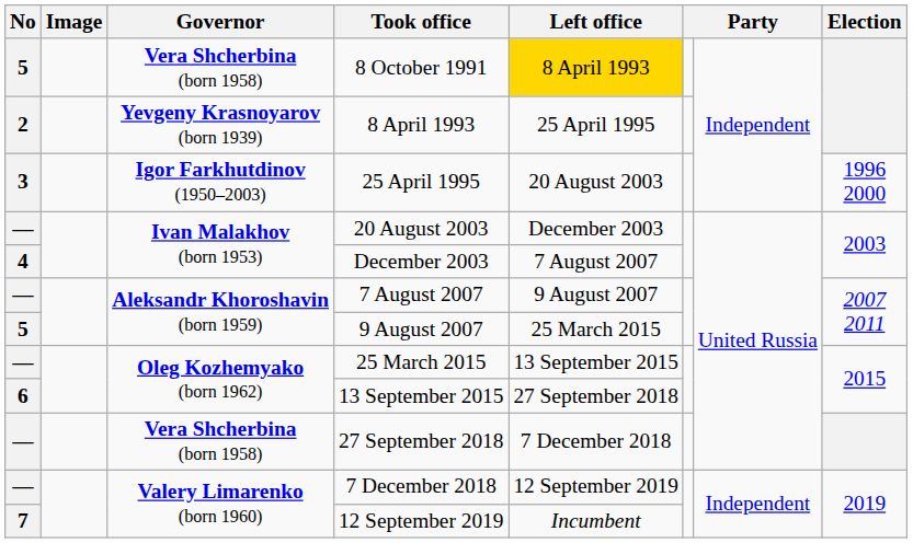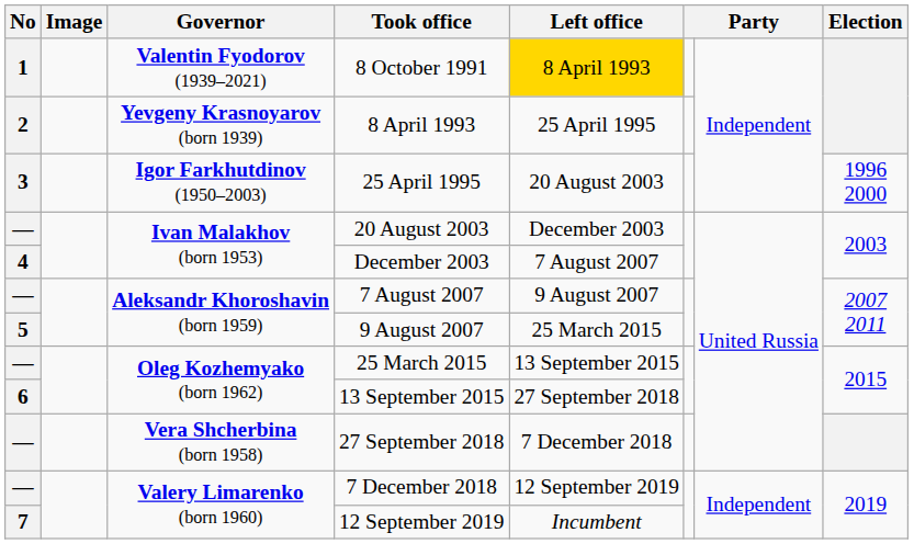 <table class="wikitable" style="text-align: center;">
 <tr>
 <th>No</th>
 <th>Image</th>
 <th>Governor</th>
 <th>Took office</th>
 <th>Left office</th>
 <th colspan=2>Party</th>
 <th>Election</th>
 </tr>
 <tr>
-<th>5</th>
+<th>1</th>
 <td></td>
-<td><strong><a href='#'>Vera Shcherbina</a></strong><br><small>(born 1958)</small></td>
+<td><strong><a href='#'>Valentin Fyodorov</a></strong><br><small>(1939–2021)</small></td>
 <td>8 October 1991</td>
 <td style="background: gold;">8 April 1993</td>
 <td style="background: "></td>
 <td rowspan=3><a href='#'>Independent</a></td>
 <th rowspan=2></th>
 </tr>
 <tr>
 <th>2</th>
 <td></td>
 <td><strong><a href='#'>Yevgeny Krasnoyarov</a></strong><br><small>(born 1939)</small></td>
 <td>8 April 1993</td>
 <td>25 April 1995</td>
 <td style="background: "></td>
 </tr>
 <tr>
 <th>3</th>
 <td></td>
 <td><strong><a href='#'>Igor Farkhutdinov</a></strong><br><small>(1950–2003)</small></td>
 <td>25 April 1995</td>
 <td>20 August 2003</td>
 <td style="background: "></td>
 <td><a href='#'>1996</a><br><a href='#'>2000</a></td>
 </tr>
 <tr>
 <th>—</th>
 <td rowspan=2></td>
 <td rowspan=2><strong><a href='#'>Ivan Malakhov</a></strong><br><small>(born 1953)</small></td>
 <td>20 August 2003</td>
 <td>December 2003</td>
 <td rowspan=2; style="background: "></td>
 <td rowspan=7><a href='#'>United Russia</a></td>
 <td rowspan=2><a href='#'>2003</a></td>
 </tr>
 <tr>
 <th>4</th>
 <td>December 2003</td>
 <td>7 August 2007</td>
 </tr>
 <tr>
 <th>—</th>
 <td rowspan=2></td>
 <td rowspan=2><strong><a href='#'>Aleksandr Khoroshavin</a></strong><br><small>(born 1959)</small></td>
 <td>7 August 2007</td>
 <td>9 August 2007</td>
 <td rowspan=2; style="background: "></td>
 <td rowspan=2><em><a href='#'>2007</a></em><br><em><a href='#'>2011</a></em></td>
 </tr>
 <tr>
 <th>5</th>
 <td>9 August 2007</td>
 <td>25 March 2015</td>
 </tr>
 <tr>
 <th>—</th>
 <td rowspan=2></td>
 <td rowspan=2><strong><a href='#'>Oleg Kozhemyako</a></strong><br><small>(born 1962)</small></td>
 <td>25 March 2015</td>
 <td>13 September 2015</td>
 <td rowspan=2; style="background: "></td>
 <td rowspan=2><a href='#'>2015</a></td>
 </tr>
 <tr>
 <th>6</th>
 <td>13 September 2015</td>
 <td>27 September 2018</td>
 </tr>
 <tr>
 <th>—</th>
 <td></td>
 <td><strong><a href='#'>Vera Shcherbina</a></strong><br><small>(born 1958)</small></td>
 <td>27 September 2018</td>
 <td>7 December 2018</td>
 <td style="background: "></td>
 <th></th>
 </tr>
 <tr>
 <th>—</th>
 <td rowspan=2></td>
 <td rowspan=2><strong><a href='#'>Valery Limarenko</a></strong><br><small>(born 1960)</small></td>
 <td>7 December 2018</td>
 <td>12 September 2019</td>
 <td rowspan=2; style="background: "></td>
 <td rowspan=2><a href='#'>Independent</a></td>
 <td rowspan=2><a href='#'>2019</a></td>
 </tr>
 <tr>
 <th>7</th>
 <td>12 September 2019</td>
 <td><em>Incumbent</em></td>
 </tr>
 </table>
